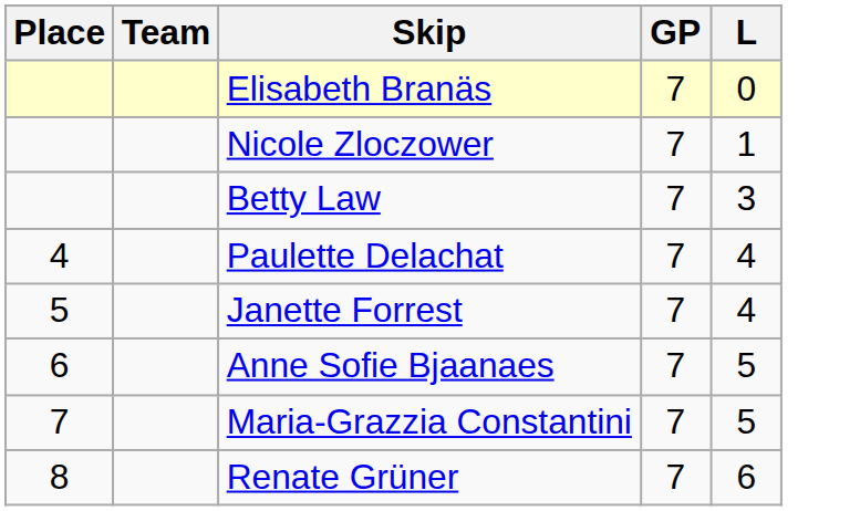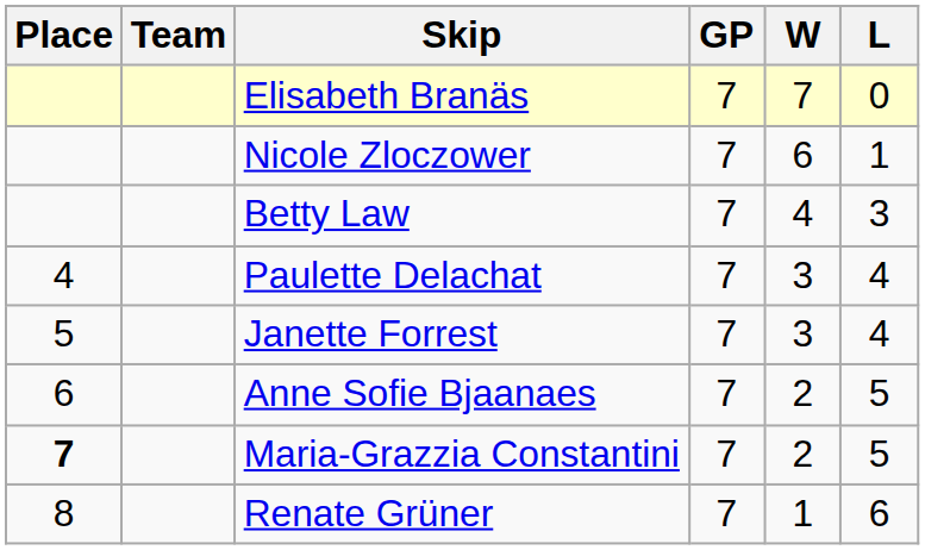 <table class="wikitable" style="text-align:center;">
 <tr>
 <th>Place</th>
 <th>Team</th>
 <th>Skip</th>
 <th width="25">GP</th>
+<th width="25">W</th>
 <th width="25">L</th>
 </tr>
 <tr bgcolor="#ffffcc">
 <td></td>
 <td align=left></td>
 <td align=left><a href='#'>Elisabeth Branäs</a></td>
+<td>7</td>
 <td>7</td>
 <td>0</td>
 </tr>
 <tr>
 <td></td>
 <td align=left></td>
 <td align=left><a href='#'>Nicole Zloczower</a></td>
 <td>7</td>
+<td>6</td>
 <td>1</td>
 </tr>
 <tr>
 <td></td>
 <td align=left></td>
 <td align=left><a href='#'>Betty Law</a></td>
 <td>7</td>
+<td>4</td>
 <td>3</td>
 </tr>
 <tr>
 <td>4</td>
 <td align=left></td>
 <td align=left><a href='#'>Paulette Delachat</a></td>
 <td>7</td>
+<td>3</td>
 <td>4</td>
 </tr>
 <tr>
 <td>5</td>
 <td align=left></td>
 <td align=left><a href='#'>Janette Forrest</a></td>
 <td>7</td>
+<td>3</td>
 <td>4</td>
 </tr>
 <tr>
 <td>6</td>
 <td align=left></td>
 <td align=left><a href='#'>Anne Sofie Bjaanaes</a></td>
 <td>7</td>
+<td>2</td>
 <td>5</td>
 </tr>
 <tr>
-<td>7</td>
+<td><strong>7</strong></td>
 <td align=left></td>
 <td align=left><a href='#'>Maria-Grazzia Constantini</a></td>
 <td>7</td>
+<td>2</td>
 <td>5</td>
 </tr>
 <tr>
 <td>8</td>
 <td align=left></td>
 <td align=left><a href='#'>Renate Grüner</a></td>
 <td>7</td>
+<td>1</td>
 <td>6</td>
 </tr>
 </table>
